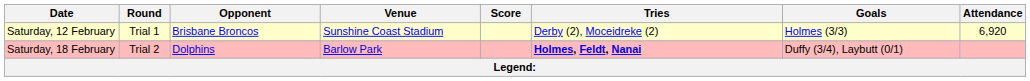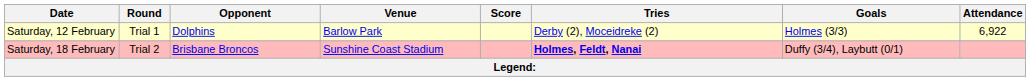 <table class="wikitable" style="font-size:75%;">
 <tr>
 <th style="width:120px;">Date</th>
 <th style="width:50px;">Round</th>
 <th style="width:160px;">Opponent</th>
 <th style="width:170px;">Venue</th>
 <th style="width:50px;">Score</th>
 <th style="width:270px;">Tries</th>
 <th style="width:190px;">Goals</th>
 <th style="width:60px;">Attendance</th>
 </tr>
 <tr style="background:#FFFFCC">
 <td>Saturday, 12 February</td>
 <td style="text-align:center;">Trial 1</td>
-<td> <a href='#'>Brisbane Broncos</a></td>
-<td><a href='#'>Sunshine Coast Stadium</a></td>
+<td> <a href='#'>Dolphins</a></td>
+<td><a href='#'>Barlow Park</a></td>
 <td style="text-align:center;"></td>
 <td><a href='#'>Derby</a> (2), <a href='#'>Moceidreke</a> (2)</td>
 <td><a href='#'>Holmes</a> (3/3)</td>
-<td style="text-align:center;">6,920</td>
+<td style="text-align:center;">6,922</td>
 </tr>
 <tr style="background:#FFBBBB">
 <td>Saturday, 18 February</td>
 <td style="text-align:center;">Trial 2</td>
-<td> <a href='#'>Dolphins</a></td>
-<td><a href='#'>Barlow Park</a></td>
+<td> <a href='#'>Brisbane Broncos</a></td>
+<td><a href='#'>Sunshine Coast Stadium</a></td>
 <td style="text-align:center;"></td>
 <td><strong><a href='#'>Holmes</a>, <a href='#'>Feldt</a>, <a href='#'>Nanai</a></strong></td>
 <td>Duffy (3/4), Laybutt (0/1)</td>
 <td style="text-align:center;"></td>
 </tr>
 <tr>
 <th colspan="11"><strong>Legend</strong>:    </th>
 </tr>
 </table>
